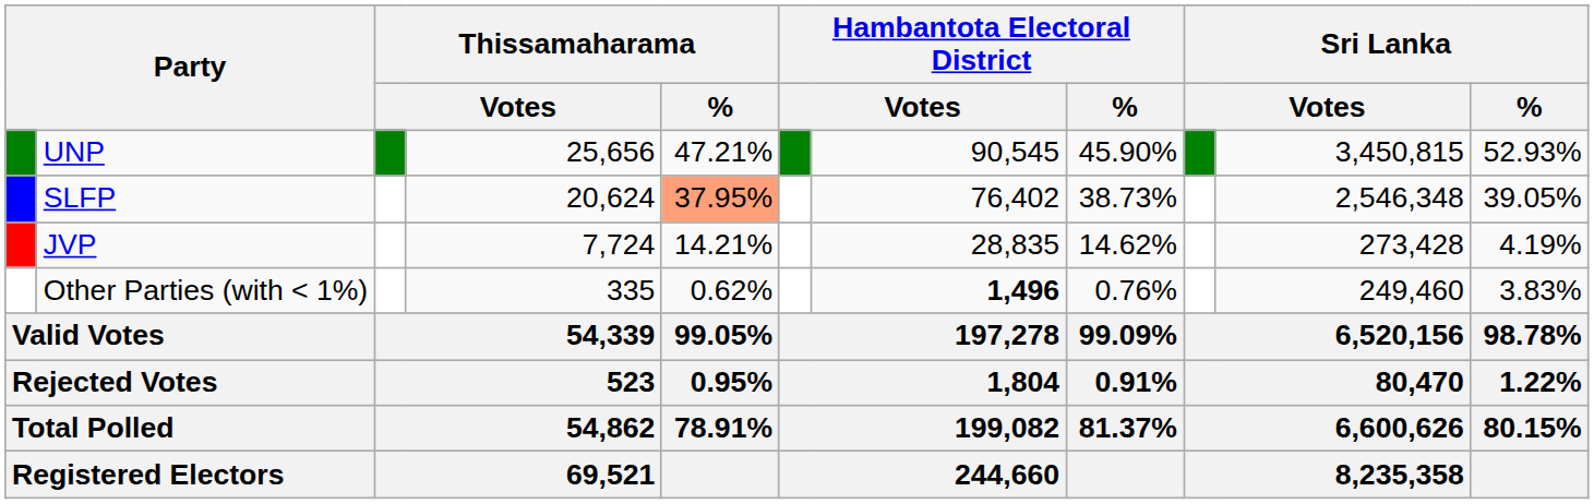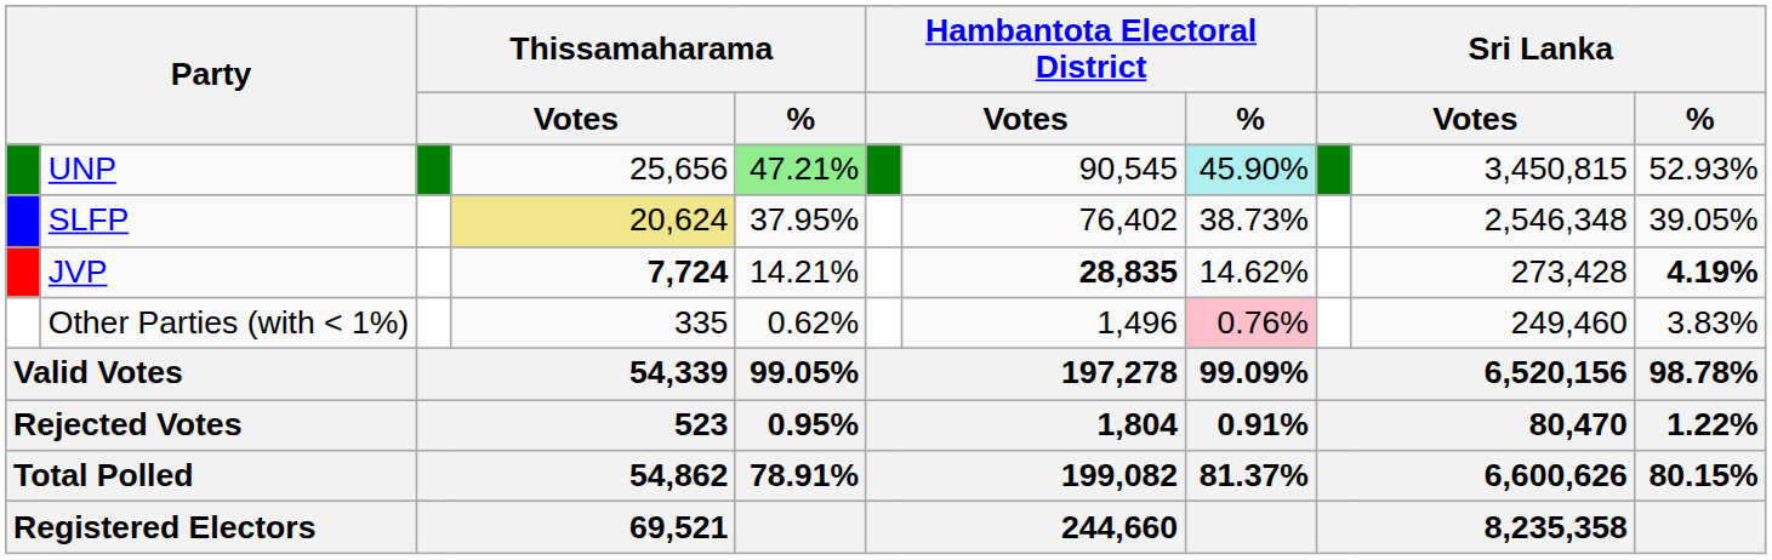 <table class="wikitable">
 <tr>
 <th colspan="2" width="144px"rowspan="2">Party</th>
 <th colspan="3" width="216px">Thissamaharama</th>
 <th colspan="3" width="216px"><a href='#'>Hambantota Electoral District</a></th>
 <th colspan="3" width="216px">Sri Lanka</th>
 </tr>
 <tr>
 <th colspan="2" width="144px">Votes</th>
 <th>%</th>
 <th colspan="2" width="144px">Votes</th>
 <th>%</th>
 <th colspan="2" width="144px">Votes</th>
 <th>%</th>
 </tr>
 <tr>
 <td style="background-color:green;" width="10px"></td>
 <td style="text-align:left;"><a href='#'>UNP</a></td>
 <td style="background-color:green;" width="10px"></td>
 <td style="text-align:right;">25,656</td>
-<td style="text-align:right;">47.21%</td>
+<td style="background: lightgreen; text-align:right;">47.21%</td>
 <td style="background-color:green;" width="10px"></td>
 <td style="text-align:right;">90,545</td>
-<td style="text-align:right;">45.90%</td>
+<td style="background: paleturquoise; text-align:right;">45.90%</td>
 <td style="background-color:green;" width="10px"></td>
 <td style="text-align:right;">3,450,815</td>
 <td style="text-align:right;">52.93%</td>
 </tr>
 <tr>
 <td style="background-color:blue;" width="10px"></td>
 <td style="text-align:left;"><a href='#'>SLFP</a></td>
 <td style="background-color:white;" width="10px"></td>
-<td style="text-align:right;">20,624</td>
-<td style="background: lightsalmon; text-align:right;">37.95%</td>
+<td style="background: khaki; text-align:right;">20,624</td>
+<td style="text-align:right;">37.95%</td>
 <td style="background-color:white;" width="10px"></td>
 <td style="text-align:right;">76,402</td>
 <td style="text-align:right;">38.73%</td>
 <td style="background-color:white;" width="10px"></td>
 <td style="text-align:right;">2,546,348</td>
 <td style="text-align:right;">39.05%</td>
 </tr>
 <tr>
 <td style="background-color:red;" width="10px"></td>
 <td style="text-align:left;"><a href='#'>JVP</a></td>
 <td style="background-color:white;" width="10px"></td>
-<td style="text-align:right;">7,724</td>
+<td style="text-align:right;"><strong>7,724</strong></td>
 <td style="text-align:right;">14.21%</td>
 <td style="background-color:white;" width="10px"></td>
-<td style="text-align:right;">28,835</td>
+<td style="text-align:right;"><strong>28,835</strong></td>
 <td style="text-align:right;">14.62%</td>
 <td style="background-color:white;" width="10px"></td>
 <td style="text-align:right;">273,428</td>
-<td style="text-align:right;">4.19%</td>
+<td style="text-align:right;"><strong>4.19%</strong></td>
 </tr>
 <tr>
 <td style="background-color:white;" width="10px"></td>
 <td style="text-align:left;">Other Parties (with < 1%)</td>
 <td style="background-color:white;" width="10px"></td>
 <td style="text-align:right;">335</td>
 <td style="text-align:right;">0.62%</td>
 <td style="background-color:white;" width="10px"></td>
-<td style="text-align:right;"><strong>1,496</strong></td>
-<td style="text-align:right;">0.76%</td>
+<td style="text-align:right;">1,496</td>
+<td style="background: pink; text-align:right;">0.76%</td>
 <td style="background-color:white;" width="10px"></td>
 <td style="text-align:right;">249,460</td>
 <td style="text-align:right;">3.83%</td>
 </tr>
 <tr>
 <th colspan="2" width="144px"style="text-align:left;">Valid Votes</th>
 <th style="text-align:right;"colspan="2" width="144px">54,339</th>
 <th style="text-align:right;">99.05%</th>
 <th style="text-align:right;"colspan="2" width="144px">197,278</th>
 <th style="text-align:right;">99.09%</th>
 <th style="text-align:right;"colspan="2" width="144px">6,520,156</th>
 <th style="text-align:right;">98.78%</th>
 </tr>
 <tr>
 <th colspan="2" width="144px"style="text-align:left;">Rejected Votes</th>
 <th style="text-align:right;"colspan="2" width="144px">523</th>
 <th style="text-align:right;">0.95%</th>
 <th style="text-align:right;"colspan="2" width="144px">1,804</th>
 <th style="text-align:right;">0.91%</th>
 <th style="text-align:right;"colspan="2" width="144px">80,470</th>
 <th style="text-align:right;">1.22%</th>
 </tr>
 <tr>
 <th colspan="2" width="144px"style="text-align:left;">Total Polled</th>
 <th style="text-align:right;"colspan="2" width="144px">54,862</th>
 <th style="text-align:right;">78.91%</th>
 <th style="text-align:right;"colspan="2" width="144px">199,082</th>
 <th style="text-align:right;">81.37%</th>
 <th style="text-align:right;"colspan="2" width="144px">6,600,626</th>
 <th style="text-align:right;">80.15%</th>
 </tr>
 <tr>
 <th colspan="2" width="144px"style="text-align:left;">Registered Electors</th>
 <th style="text-align:right;"colspan="2" width="144px">69,521</th>
 <th></th>
 <th style="text-align:right;"colspan="2" width="144px">244,660</th>
 <th></th>
 <th style="text-align:right;"colspan="2" width="144px">8,235,358</th>
 <th></th>
 </tr>
 </table>
